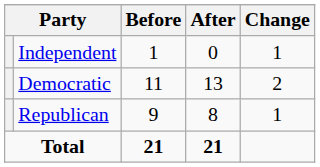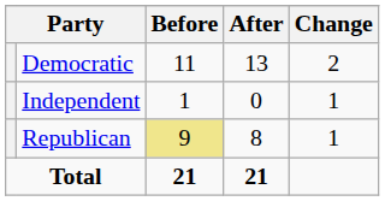 <table class="wikitable" style="text-align:center;">
 <tr>
 </tr>
 <tr>
 <th colspan=2>Party</th>
 <th>Before</th>
 <th>After</th>
 <th>Change</th>
 </tr>
 <tr>
 <th style="background-color:"></th>
+<td style="text-align:left;"><a href='#'>Democratic</a></td>
+<td>11</td>
+<td>13</td>
+<td> 2</td>
+</tr>
+<tr>
+<th style="background-color:"></th>
 <td style="text-align:left;"><a href='#'>Independent</a></td>
 <td>1</td>
 <td>0</td>
 <td> 1</td>
 </tr>
 <tr>
 <th style="background-color:"></th>
-<td style="text-align:left;"><a href='#'>Democratic</a></td>
-<td>11</td>
-<td>13</td>
-<td> 2</td>
-</tr>
-<tr>
-<th style="background-color:"></th>
 <td style="text-align:left;"><a href='#'>Republican</a></td>
-<td>9</td>
+<td style="background: khaki;">9</td>
 <td>8</td>
 <td> 1</td>
 </tr>
 <tr>
 <td colspan=2><strong>Total</strong></td>
 <td><strong>21</strong></td>
 <td><strong>21</strong></td>
 <td></td>
 </tr>
 </table>
